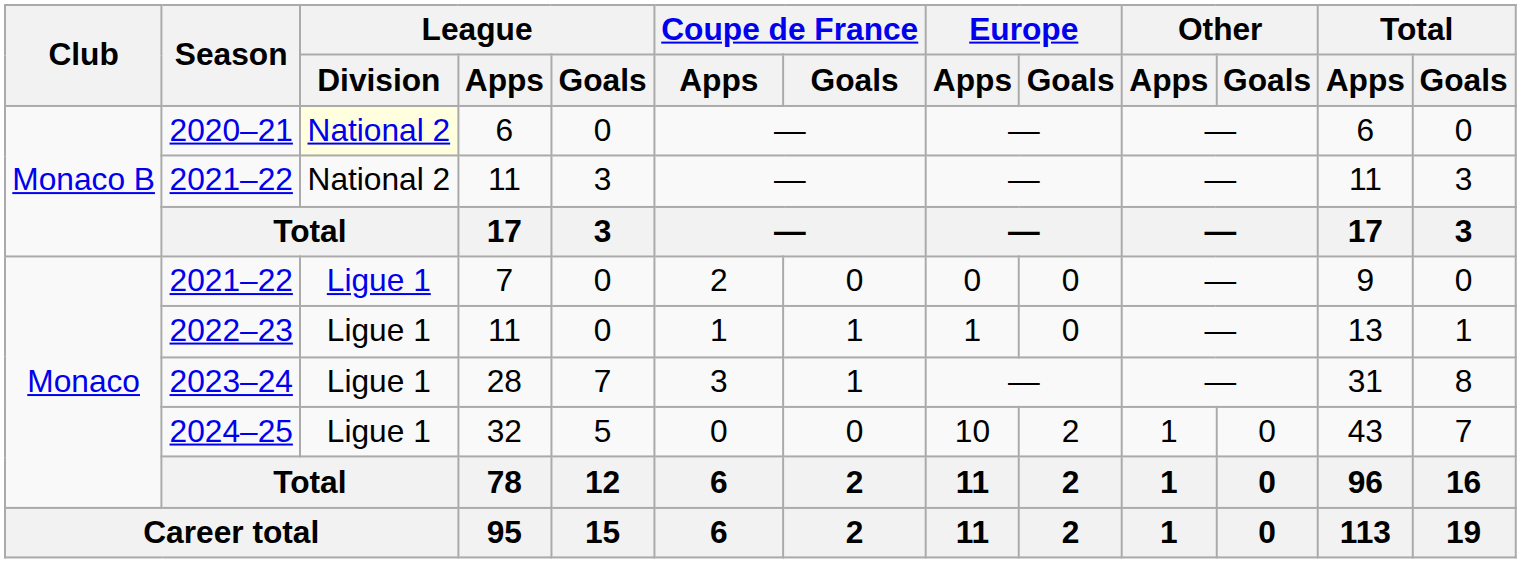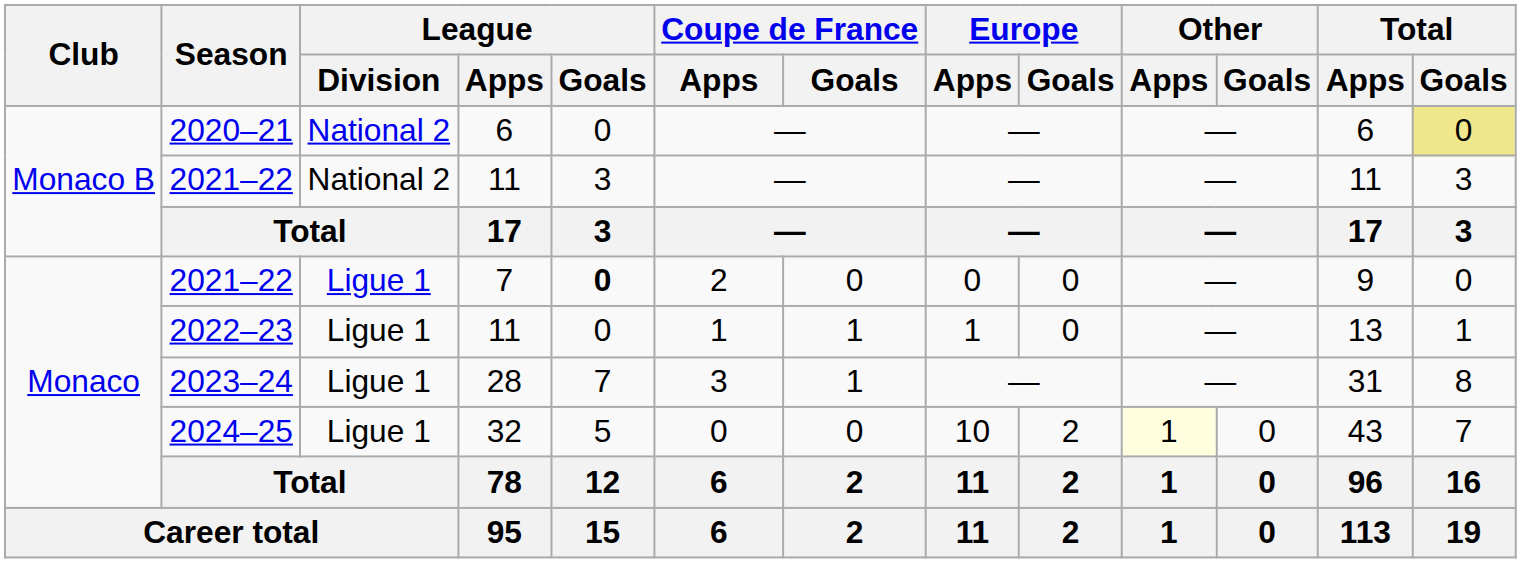 <table class="wikitable" style="text-align: center;">
 <tr>
 <th rowspan="2">Club</th>
 <th rowspan="2">Season</th>
 <th colspan="3">League</th>
 <th colspan="2"><a href='#'>Coupe de France</a></th>
 <th colspan="2"><a href='#'>Europe</a></th>
 <th colspan="2">Other</th>
 <th colspan="2">Total</th>
 </tr>
 <tr>
 <th>Division</th>
 <th>Apps</th>
 <th>Goals</th>
 <th>Apps</th>
 <th>Goals</th>
 <th>Apps</th>
 <th>Goals</th>
 <th>Apps</th>
 <th>Goals</th>
 <th>Apps</th>
 <th>Goals</th>
 </tr>
 <tr>
 <td rowspan="3"><a href='#'>Monaco B</a></td>
 <td><a href='#'>2020–21</a></td>
-<td style="background: lightyellow;"><a href='#'>National 2</a></td>
+<td><a href='#'>National 2</a></td>
 <td>6</td>
 <td>0</td>
 <td colspan="2">—</td>
 <td colspan="2">—</td>
 <td colspan="2">—</td>
 <td>6</td>
-<td>0</td>
+<td style="background: khaki;">0</td>
 </tr>
 <tr>
 <td><a href='#'>2021–22</a></td>
 <td>National 2</td>
 <td>11</td>
 <td>3</td>
 <td colspan="2">—</td>
 <td colspan="2">—</td>
 <td colspan="2">—</td>
 <td>11</td>
 <td>3</td>
 </tr>
 <tr>
 <th colspan="2">Total</th>
 <th>17</th>
 <th>3</th>
 <th colspan="2">—</th>
 <th colspan="2">—</th>
 <th colspan="2">—</th>
 <th>17</th>
 <th>3</th>
 </tr>
 <tr>
 <td rowspan="5"><a href='#'>Monaco</a></td>
 <td><a href='#'>2021–22</a></td>
 <td><a href='#'>Ligue 1</a></td>
 <td>7</td>
-<td>0</td>
+<td><strong>0</strong></td>
 <td>2</td>
 <td>0</td>
 <td>0</td>
 <td>0</td>
 <td colspan="2">—</td>
 <td>9</td>
 <td>0</td>
 </tr>
 <tr>
 <td><a href='#'>2022–23</a></td>
 <td>Ligue 1</td>
 <td>11</td>
 <td>0</td>
 <td>1</td>
 <td>1</td>
 <td>1</td>
 <td>0</td>
 <td colspan="2">—</td>
 <td>13</td>
 <td>1</td>
 </tr>
 <tr>
 <td><a href='#'>2023–24</a></td>
 <td>Ligue 1</td>
 <td>28</td>
 <td>7</td>
 <td>3</td>
 <td>1</td>
 <td colspan="2">—</td>
 <td colspan="2">—</td>
 <td>31</td>
 <td>8</td>
 </tr>
 <tr>
 <td><a href='#'>2024–25</a></td>
 <td>Ligue 1</td>
 <td>32</td>
 <td>5</td>
 <td>0</td>
 <td>0</td>
 <td>10</td>
 <td>2</td>
-<td>1</td>
+<td style="background: lightyellow;">1</td>
 <td>0</td>
 <td>43</td>
 <td>7</td>
 </tr>
 <tr>
 <th colspan="2">Total</th>
 <th>78</th>
 <th>12</th>
 <th>6</th>
 <th>2</th>
 <th>11</th>
 <th>2</th>
 <th>1</th>
 <th>0</th>
 <th>96</th>
 <th>16</th>
 </tr>
 <tr>
 <th colspan="3">Career total</th>
 <th>95</th>
 <th>15</th>
 <th>6</th>
 <th>2</th>
 <th>11</th>
 <th>2</th>
 <th>1</th>
 <th>0</th>
 <th>113</th>
 <th>19</th>
 </tr>
 </table>
